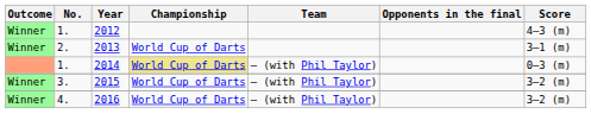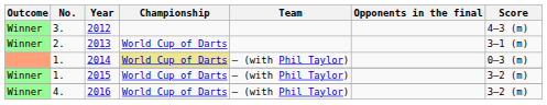 <table class="sortable wikitable">
 <tr>
 <th style="width:10px;">Outcome</th>
 <th style="width:40px;">No.</th>
 <th style="width:40px;">Year</th>
 <th>Championship</th>
 <th>Team</th>
 <th>Opponents in the final</th>
 <th style="width:70px;">Score</th>
 </tr>
 <tr style=>
 <td style="background:#98FB98">Winner</td>
-<td>1.</td>
+<td>3.</td>
 <td><a href='#'>2012</a></td>
 <td></td>
 <td></td>
 <td></td>
 <td>4–3 (m)</td>
 </tr>
 <tr>
 <td style="background:#98FB98">Winner</td>
 <td>2.</td>
 <td><a href='#'>2013</a></td>
 <td><a href='#'>World Cup of Darts</a></td>
 <td></td>
 <td></td>
 <td>3–1 (m)</td>
 </tr>
 <tr>
 <td style="background:#ffa07a"></td>
 <td>1.</td>
 <td><a href='#'>2014</a></td>
 <td style="background: khaki;"><a href='#'>World Cup of Darts</a></td>
 <td> – (with <a href='#'>Phil Taylor</a>)</td>
 <td></td>
 <td>0–3 (m)</td>
 </tr>
 <tr>
 </tr>
 <tr style=>
 <td style="background:#98FB98">Winner</td>
-<td>3.</td>
+<td>1.</td>
 <td><a href='#'>2015</a></td>
 <td><a href='#'>World Cup of Darts</a></td>
 <td> – (with <a href='#'>Phil Taylor</a>)</td>
 <td></td>
 <td>3–2 (m)</td>
 </tr>
 <tr>
 </tr>
 <tr style=>
 <td style="background:#98FB98">Winner</td>
 <td>4.</td>
 <td><a href='#'>2016</a></td>
 <td><a href='#'>World Cup of Darts</a></td>
 <td> – (with <a href='#'>Phil Taylor</a>)</td>
 <td></td>
 <td>3–2 (m)</td>
 </tr>
 </table>
